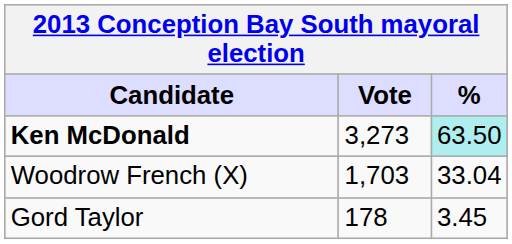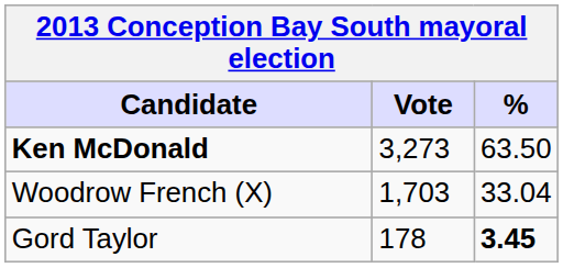 <table class="wikitable">
 <tr>
 <th colspan="3"><a href='#'>2013 Conception Bay South mayoral election</a></th>
 </tr>
 <tr>
 <th style="background:#ddf; width:200px;">Candidate</th>
 <th style="background:#ddf; width:50px;">Vote</th>
 <th style="background:#ddf; width:30px;">%</th>
 </tr>
 <tr>
 <td><strong>Ken McDonald</strong></td>
 <td>3,273</td>
-<td style="background: paleturquoise;">63.50</td>
+<td>63.50</td>
 </tr>
 <tr>
 <td>Woodrow French (X)</td>
 <td>1,703</td>
 <td>33.04</td>
 </tr>
 <tr>
 <td>Gord Taylor</td>
 <td>178</td>
-<td>3.45</td>
+<td><strong>3.45</strong></td>
 </tr>
 </table>
